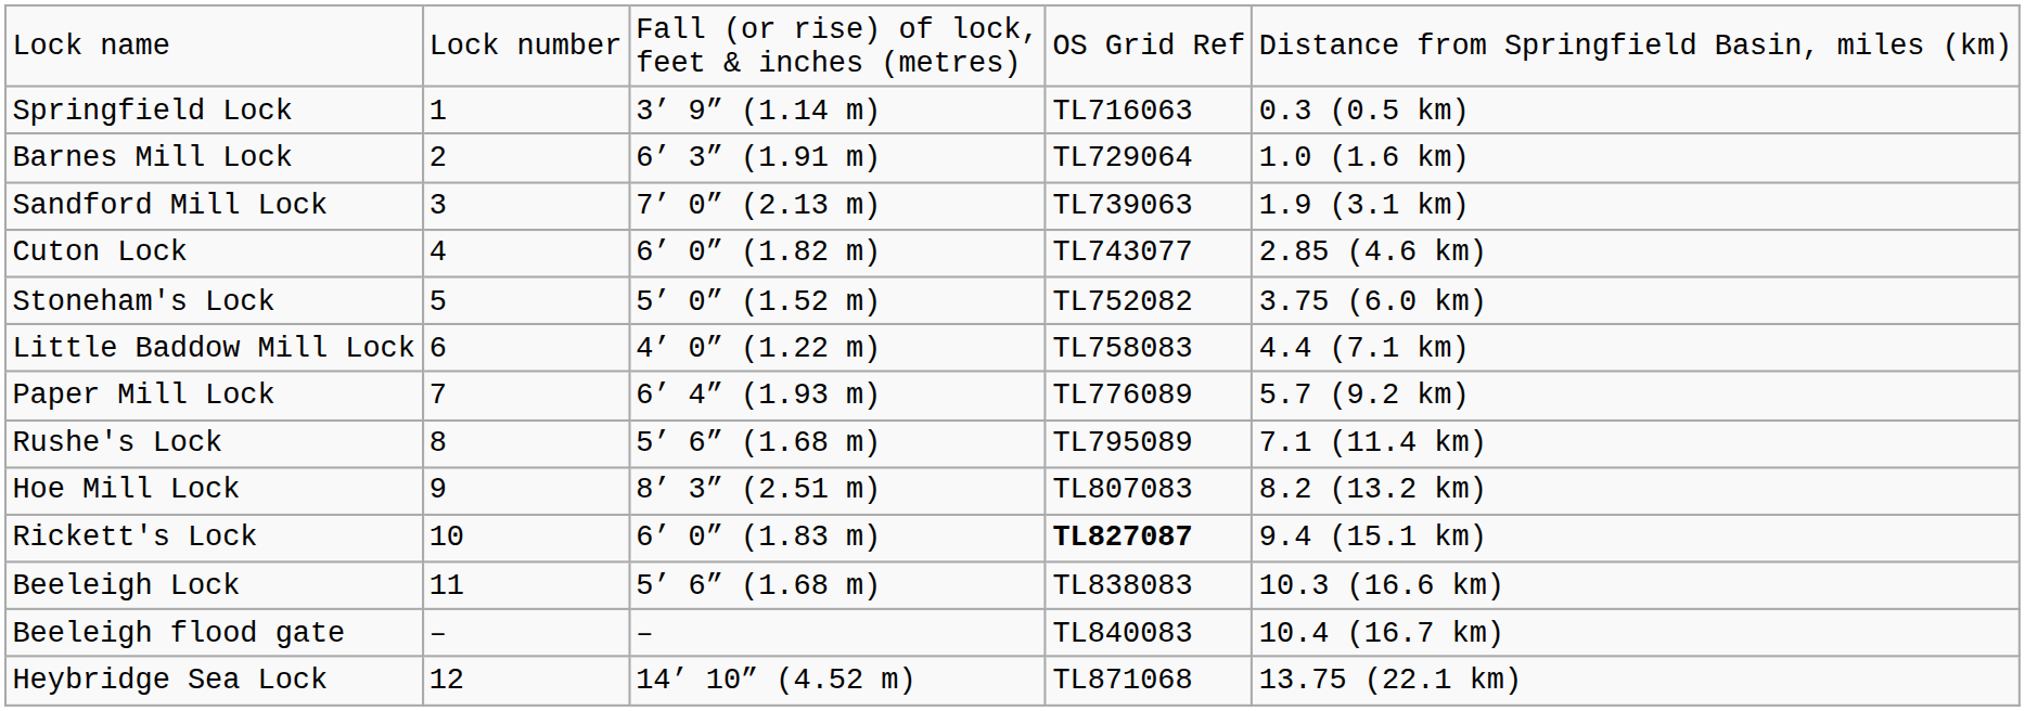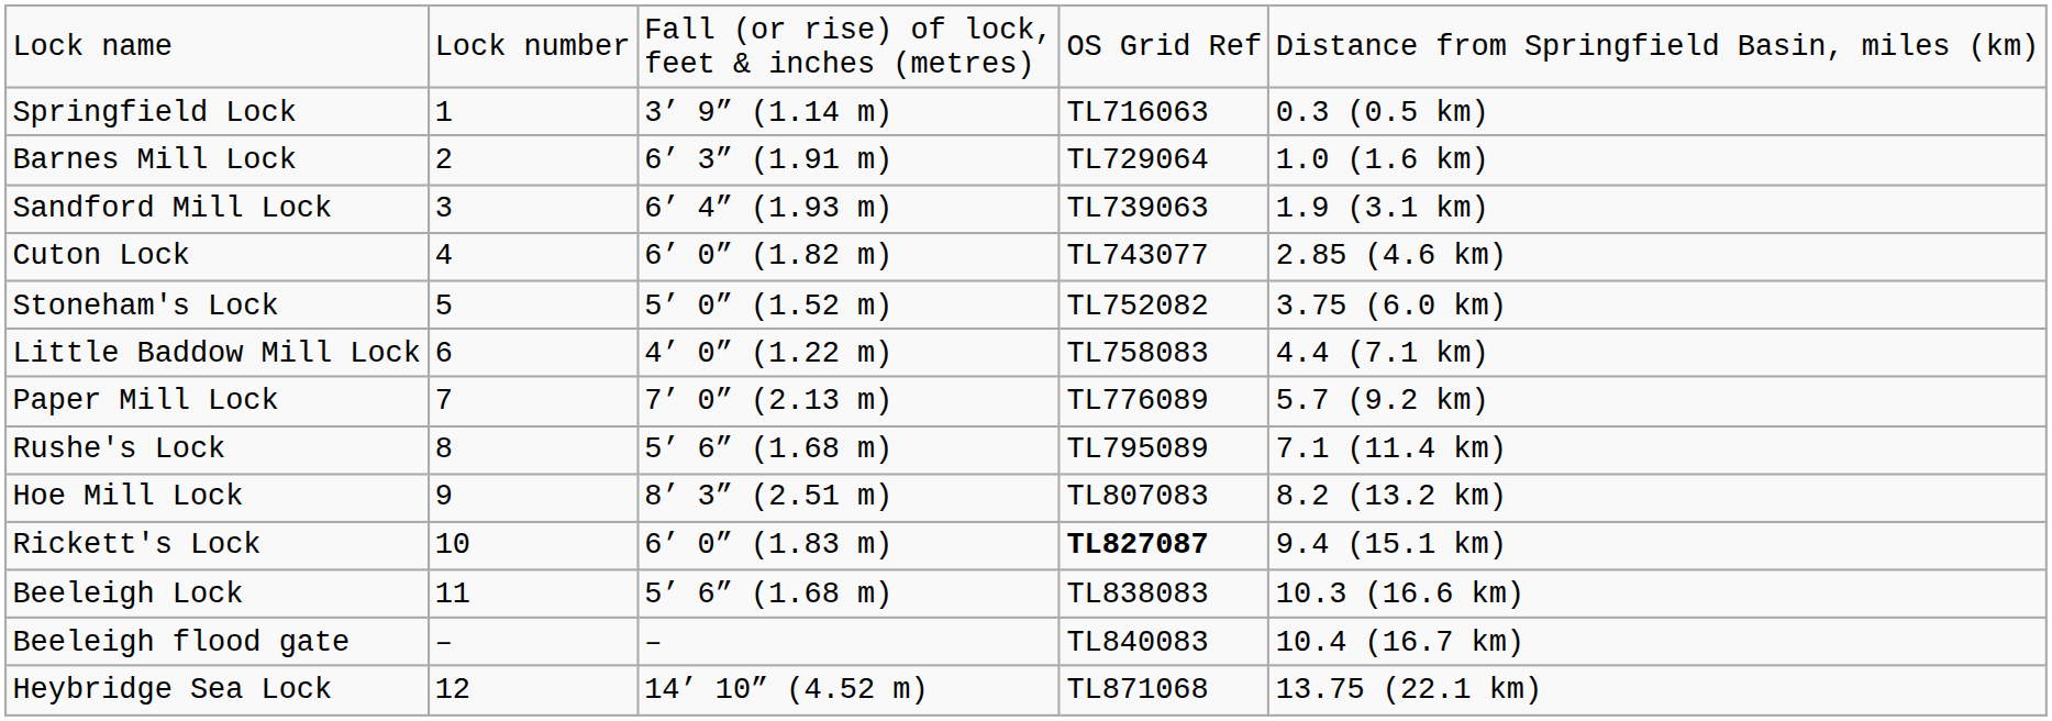 <table class="wikitable">
 <tr>
 <td>Lock name</td>
 <td>Lock number</td>
 <td>Fall (or rise) of lock,<br>feet & inches (metres)</td>
 <td>OS Grid Ref</td>
 <td>Distance from Springfield Basin, miles (km)</td>
 </tr>
 <tr>
 <td>Springfield Lock</td>
 <td>1</td>
 <td>3’ 9” (1.14 m)</td>
 <td>TL716063</td>
 <td>0.3 (0.5 km)</td>
 </tr>
 <tr>
 <td>Barnes Mill Lock</td>
 <td>2</td>
 <td>6’ 3” (1.91 m)</td>
 <td>TL729064</td>
 <td>1.0 (1.6 km)</td>
 </tr>
 <tr>
 <td>Sandford Mill Lock</td>
 <td>3</td>
-<td>7’ 0” (2.13 m)</td>
+<td>6’ 4” (1.93 m)</td>
 <td>TL739063</td>
 <td>1.9 (3.1 km)</td>
 </tr>
 <tr>
 <td>Cuton Lock</td>
 <td>4</td>
 <td>6’ 0” (1.82 m)</td>
 <td>TL743077</td>
 <td>2.85 (4.6 km)</td>
 </tr>
 <tr>
 <td>Stoneham's Lock</td>
 <td>5</td>
 <td>5’ 0” (1.52 m)</td>
 <td>TL752082</td>
 <td>3.75 (6.0 km)</td>
 </tr>
 <tr>
 <td>Little Baddow Mill Lock</td>
 <td>6</td>
 <td>4’ 0” (1.22 m)</td>
 <td>TL758083</td>
 <td>4.4 (7.1 km)</td>
 </tr>
 <tr>
 <td>Paper Mill Lock</td>
 <td>7</td>
-<td>6’ 4” (1.93 m)</td>
+<td>7’ 0” (2.13 m)</td>
 <td>TL776089</td>
 <td>5.7 (9.2 km)</td>
 </tr>
 <tr>
 <td>Rushe's Lock</td>
 <td>8</td>
 <td>5’ 6” (1.68 m)</td>
 <td>TL795089</td>
 <td>7.1 (11.4 km)</td>
 </tr>
 <tr>
 <td>Hoe Mill Lock</td>
 <td>9</td>
 <td>8’ 3” (2.51 m)</td>
 <td>TL807083</td>
 <td>8.2 (13.2 km)</td>
 </tr>
 <tr>
 <td>Rickett's Lock</td>
 <td>10</td>
 <td>6’ 0” (1.83 m)</td>
 <td><strong>TL827087</strong></td>
 <td>9.4 (15.1 km)</td>
 </tr>
 <tr>
 <td>Beeleigh Lock</td>
 <td>11</td>
 <td>5’ 6” (1.68 m)</td>
 <td>TL838083</td>
 <td>10.3 (16.6 km)</td>
 </tr>
 <tr>
 <td>Beeleigh flood gate</td>
 <td>–</td>
 <td>–</td>
 <td>TL840083</td>
 <td>10.4 (16.7 km)</td>
 </tr>
 <tr>
 <td>Heybridge Sea Lock</td>
 <td>12</td>
 <td>14’ 10” (4.52 m)</td>
 <td>TL871068</td>
 <td>13.75 (22.1 km)</td>
 </tr>
 </table>
